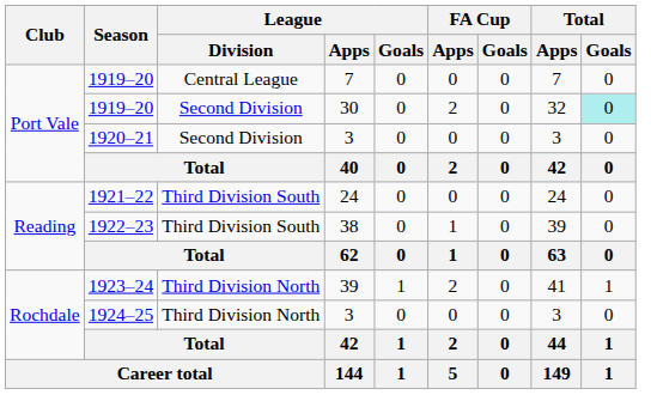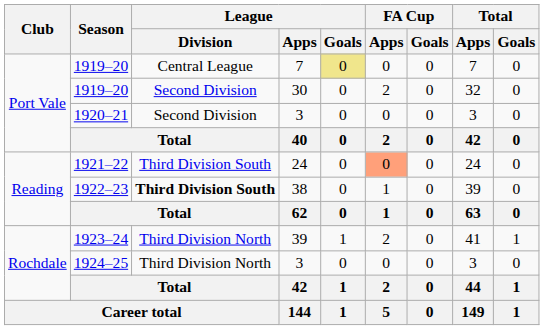 <table class="wikitable" style="text-align: center;">
 <tr>
 <th rowspan="2">Club</th>
 <th rowspan="2">Season</th>
 <th colspan="3">League</th>
 <th colspan="2">FA Cup</th>
 <th colspan="2">Total</th>
 </tr>
 <tr>
 <th>Division</th>
 <th>Apps</th>
 <th>Goals</th>
 <th>Apps</th>
 <th>Goals</th>
 <th>Apps</th>
 <th>Goals</th>
 </tr>
 <tr>
 <td rowspan="4"><a href='#'>Port Vale</a></td>
 <td><a href='#'>1919–20</a></td>
 <td>Central League</td>
 <td>7</td>
-<td>0</td>
+<td style="background: khaki;">0</td>
 <td>0</td>
 <td>0</td>
 <td>7</td>
 <td>0</td>
 </tr>
 <tr>
 <td><a href='#'>1919–20</a></td>
 <td><a href='#'>Second Division</a></td>
 <td>30</td>
 <td>0</td>
 <td>2</td>
 <td>0</td>
 <td>32</td>
-<td style="background: paleturquoise;">0</td>
+<td>0</td>
 </tr>
 <tr>
 <td><a href='#'>1920–21</a></td>
 <td>Second Division</td>
 <td>3</td>
 <td>0</td>
 <td>0</td>
 <td>0</td>
 <td>3</td>
 <td>0</td>
 </tr>
 <tr>
 <th colspan="2">Total</th>
 <th>40</th>
 <th>0</th>
 <th>2</th>
 <th>0</th>
 <th>42</th>
 <th>0</th>
 </tr>
 <tr>
 <td rowspan="3"><a href='#'>Reading</a></td>
 <td><a href='#'>1921–22</a></td>
 <td><a href='#'>Third Division South</a></td>
 <td>24</td>
 <td>0</td>
-<td>0</td>
+<td style="background: lightsalmon;">0</td>
 <td>0</td>
 <td>24</td>
 <td>0</td>
 </tr>
 <tr>
 <td><a href='#'>1922–23</a></td>
-<td>Third Division South</td>
+<td><strong>Third Division South</strong></td>
 <td>38</td>
 <td>0</td>
 <td>1</td>
 <td>0</td>
 <td>39</td>
 <td>0</td>
 </tr>
 <tr>
 <th colspan="2">Total</th>
 <th>62</th>
 <th>0</th>
 <th>1</th>
 <th>0</th>
 <th>63</th>
 <th>0</th>
 </tr>
 <tr>
 <td rowspan="3"><a href='#'>Rochdale</a></td>
 <td><a href='#'>1923–24</a></td>
 <td><a href='#'>Third Division North</a></td>
 <td>39</td>
 <td>1</td>
 <td>2</td>
 <td>0</td>
 <td>41</td>
 <td>1</td>
 </tr>
 <tr>
 <td><a href='#'>1924–25</a></td>
 <td>Third Division North</td>
 <td>3</td>
 <td>0</td>
 <td>0</td>
 <td>0</td>
 <td>3</td>
 <td>0</td>
 </tr>
 <tr>
 <th colspan="2">Total</th>
 <th>42</th>
 <th>1</th>
 <th>2</th>
 <th>0</th>
 <th>44</th>
 <th>1</th>
 </tr>
 <tr>
 <th colspan="3">Career total</th>
 <th>144</th>
 <th>1</th>
 <th>5</th>
 <th>0</th>
 <th>149</th>
 <th>1</th>
 </tr>
 </table>
